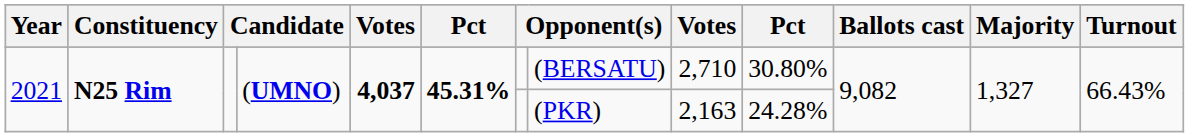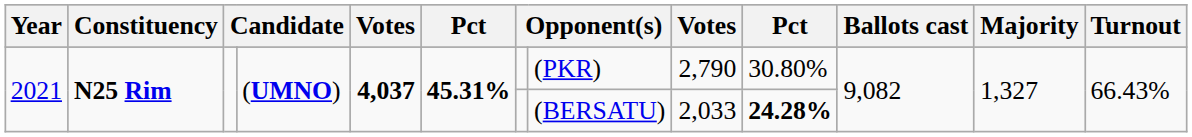 <table class="wikitable" style="margin:0.5em ; font-size:95%">
 <tr>
 <th>Year</th>
 <th>Constituency</th>
 <th colspan=2>Candidate</th>
 <th>Votes</th>
 <th>Pct</th>
 <th colspan=2>Opponent(s)</th>
 <th>Votes</th>
 <th>Pct</th>
 <th>Ballots cast</th>
 <th>Majority</th>
 <th>Turnout</th>
 </tr>
 <tr>
 <td rowspan=2><a href='#'>2021</a></td>
 <td rowspan=2><strong>N25 <a href='#'>Rim</a></strong></td>
 <td rowspan=2 ></td>
 <td rowspan=2> (<a href='#'><strong>UMNO</strong></a>)</td>
 <td rowspan=2 align="right"><strong>4,037</strong></td>
 <td rowspan=2><strong>45.31%</strong></td>
 <td bgcolor=></td>
-<td> (<a href='#'>BERSATU</a>)</td>
-<td align="right">2,710</td>
+<td> (<a href='#'>PKR</a>)</td>
+<td align="right">2,790</td>
 <td>30.80%</td>
 <td rowspan=2>9,082</td>
 <td rowspan=2>1,327</td>
 <td rowspan=2>66.43%</td>
 </tr>
 <tr>
 <td></td>
-<td> (<a href='#'>PKR</a>)</td>
-<td align="right">2,163</td>
-<td>24.28%</td>
+<td> (<a href='#'>BERSATU</a>)</td>
+<td align="right">2,033</td>
+<td><strong>24.28%</strong></td>
 </tr>
 </table>
